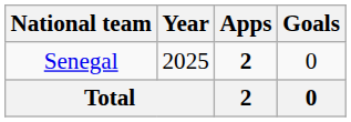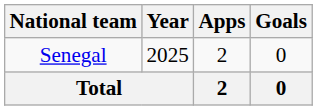 <table class=wikitable style=text-align:center>
 <tr>
 <th>National team</th>
 <th>Year</th>
 <th>Apps</th>
 <th>Goals</th>
 </tr>
 <tr>
 <td><a href='#'>Senegal</a></td>
 <td>2025</td>
-<td><strong>2</strong></td>
+<td>2</td>
 <td>0</td>
 </tr>
 <tr>
 <th colspan="2">Total</th>
 <th>2</th>
 <th>0</th>
 </tr>
 </table>
